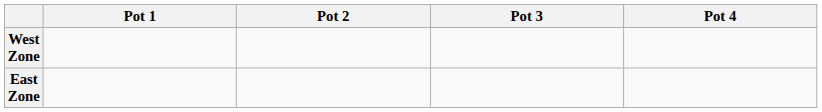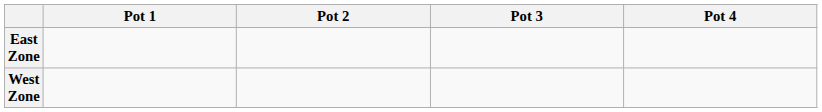 <table class="wikitable" style="width:100%;">
 <tr>
 <th></th>
 <th width=25%>Pot 1</th>
 <th width=25%>Pot 2</th>
 <th width=25%>Pot 3</th>
 <th width=25%>Pot 4</th>
 </tr>
 <tr>
+<th>East Zone<br></th>
+<td valign=top><br><br> </td>
+<td valign=top><br><br> </td>
+<td valign=top><br><br> </td>
+<td valign=top><br></td>
+</tr>
+<tr>
 <th>West Zone<br></th>
 <td valign=top><br><br> </td>
 <td valign=top><br><br> </td>
 <td valign=top><br><br> </td>
 <td valign=top><br></td>
 </tr>
-<tr>
-<th>East Zone<br></th>
-<td valign=top><br><br> </td>
-<td valign=top><br><br> </td>
-<td valign=top><br><br> </td>
-<td valign=top><br></td>
-</tr>
 </table>
